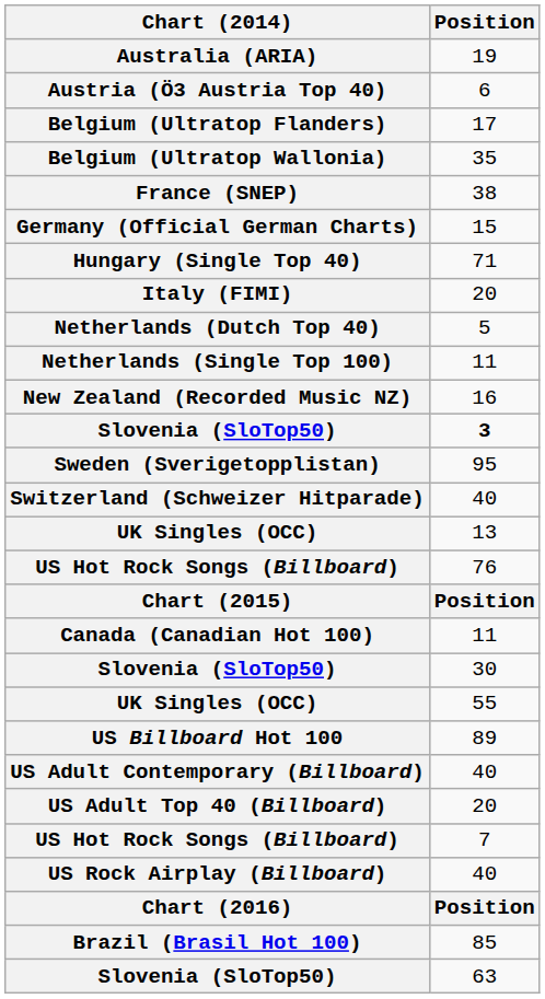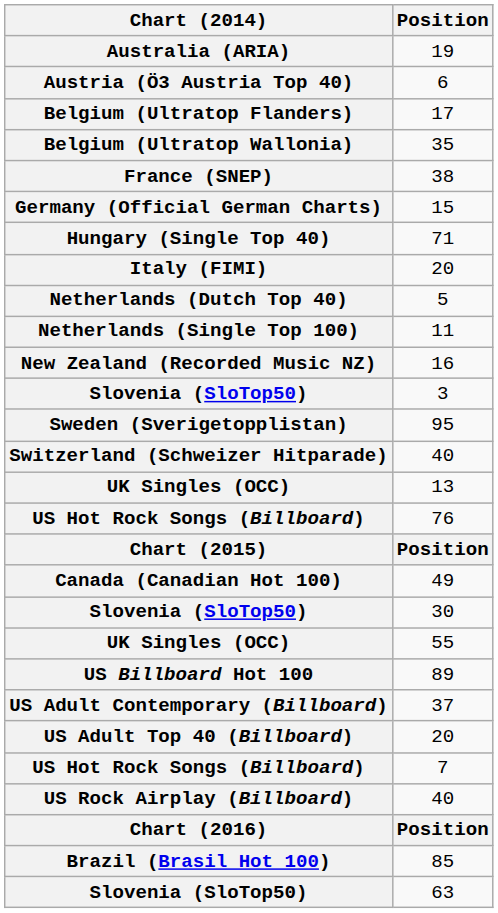 <table class="wikitable sortable plainrowheaders">
 <tr>
 <th>Chart (2014)</th>
 <th>Position</th>
 </tr>
 <tr>
 <th scope=row>Australia (ARIA)</th>
 <td align=center>19</td>
 </tr>
 <tr>
 <th scope="row">Austria (Ö3 Austria Top 40)</th>
 <td style="text-align:center;">6</td>
 </tr>
 <tr>
 <th scope="row">Belgium (Ultratop Flanders)</th>
 <td style="text-align:center;">17</td>
 </tr>
 <tr>
 <th scope="row">Belgium (Ultratop Wallonia)</th>
 <td style="text-align:center;">35</td>
 </tr>
 <tr>
 <th scope="row">France (SNEP)</th>
 <td style="text-align:center;">38</td>
 </tr>
 <tr>
 <th scope="row">Germany (Official German Charts)</th>
 <td style="text-align:center;">15</td>
 </tr>
 <tr>
 <th scope="row">Hungary (Single Top 40)</th>
 <td style="text-align:center;">71</td>
 </tr>
 <tr>
 <th scope="row">Italy (FIMI)</th>
 <td style="text-align:center;">20</td>
 </tr>
 <tr>
 <th scope="row">Netherlands (Dutch Top 40)</th>
 <td style="text-align:center;">5</td>
 </tr>
 <tr>
 <th scope="row">Netherlands (Single Top 100)</th>
 <td style="text-align:center;">11</td>
 </tr>
 <tr>
 <th scope="row">New Zealand (Recorded Music NZ)</th>
 <td style="text-align:center;">16</td>
 </tr>
 <tr>
 <th scope="row">Slovenia (<a href='#'>SloTop50</a>)</th>
-<td align=center><strong>3</strong></td>
+<td align=center>3</td>
 </tr>
 <tr>
 <th scope="row">Sweden (Sverigetopplistan)</th>
 <td style="text-align:center;">95</td>
 </tr>
 <tr>
 <th scope="row">Switzerland (Schweizer Hitparade)</th>
 <td style="text-align:center;">40</td>
 </tr>
 <tr>
 <th scope="row">UK Singles (OCC)</th>
 <td style="text-align:center;">13</td>
 </tr>
 <tr>
 <th scope="row">US Hot Rock Songs (<em>Billboard</em>)</th>
 <td style="text-align:center;">76</td>
 </tr>
 <tr>
 <th scope="col">Chart (2015)</th>
 <th scope="col">Position</th>
 </tr>
 <tr>
 <th scope="row">Canada (Canadian Hot 100)</th>
-<td style="text-align:center;">11</td>
+<td style="text-align:center;">49</td>
 </tr>
 <tr>
 <th scope="row">Slovenia (<a href='#'>SloTop50</a>)</th>
 <td align=center>30</td>
 </tr>
 <tr>
 <th scope="row">UK Singles (OCC)</th>
 <td style="text-align:center;">55</td>
 </tr>
 <tr>
 <th scope="row">US <em>Billboard</em> Hot 100</th>
 <td style="text-align:center;">89</td>
 </tr>
 <tr>
 <th scope="row">US Adult Contemporary (<em>Billboard</em>)</th>
-<td style="text-align:center;">40</td>
+<td style="text-align:center;">37</td>
 </tr>
 <tr>
 <th scope="row">US Adult Top 40 (<em>Billboard</em>)</th>
 <td style="text-align:center;">20</td>
 </tr>
 <tr>
 <th scope="row">US Hot Rock Songs (<em>Billboard</em>)</th>
 <td style="text-align:center;">7</td>
 </tr>
 <tr>
 <th scope="row">US Rock Airplay (<em>Billboard</em>)</th>
 <td style="text-align:center;">40</td>
 </tr>
 <tr>
 <th scope="col">Chart (2016)</th>
 <th scope="col">Position</th>
 </tr>
 <tr>
 <th scope="row">Brazil (<a href='#'>Brasil Hot 100</a>)</th>
 <td style="text-align:center;">85</td>
 </tr>
 <tr>
 <th scope="row">Slovenia (SloTop50)</th>
 <td style="text-align:center;">63</td>
 </tr>
 </table>
